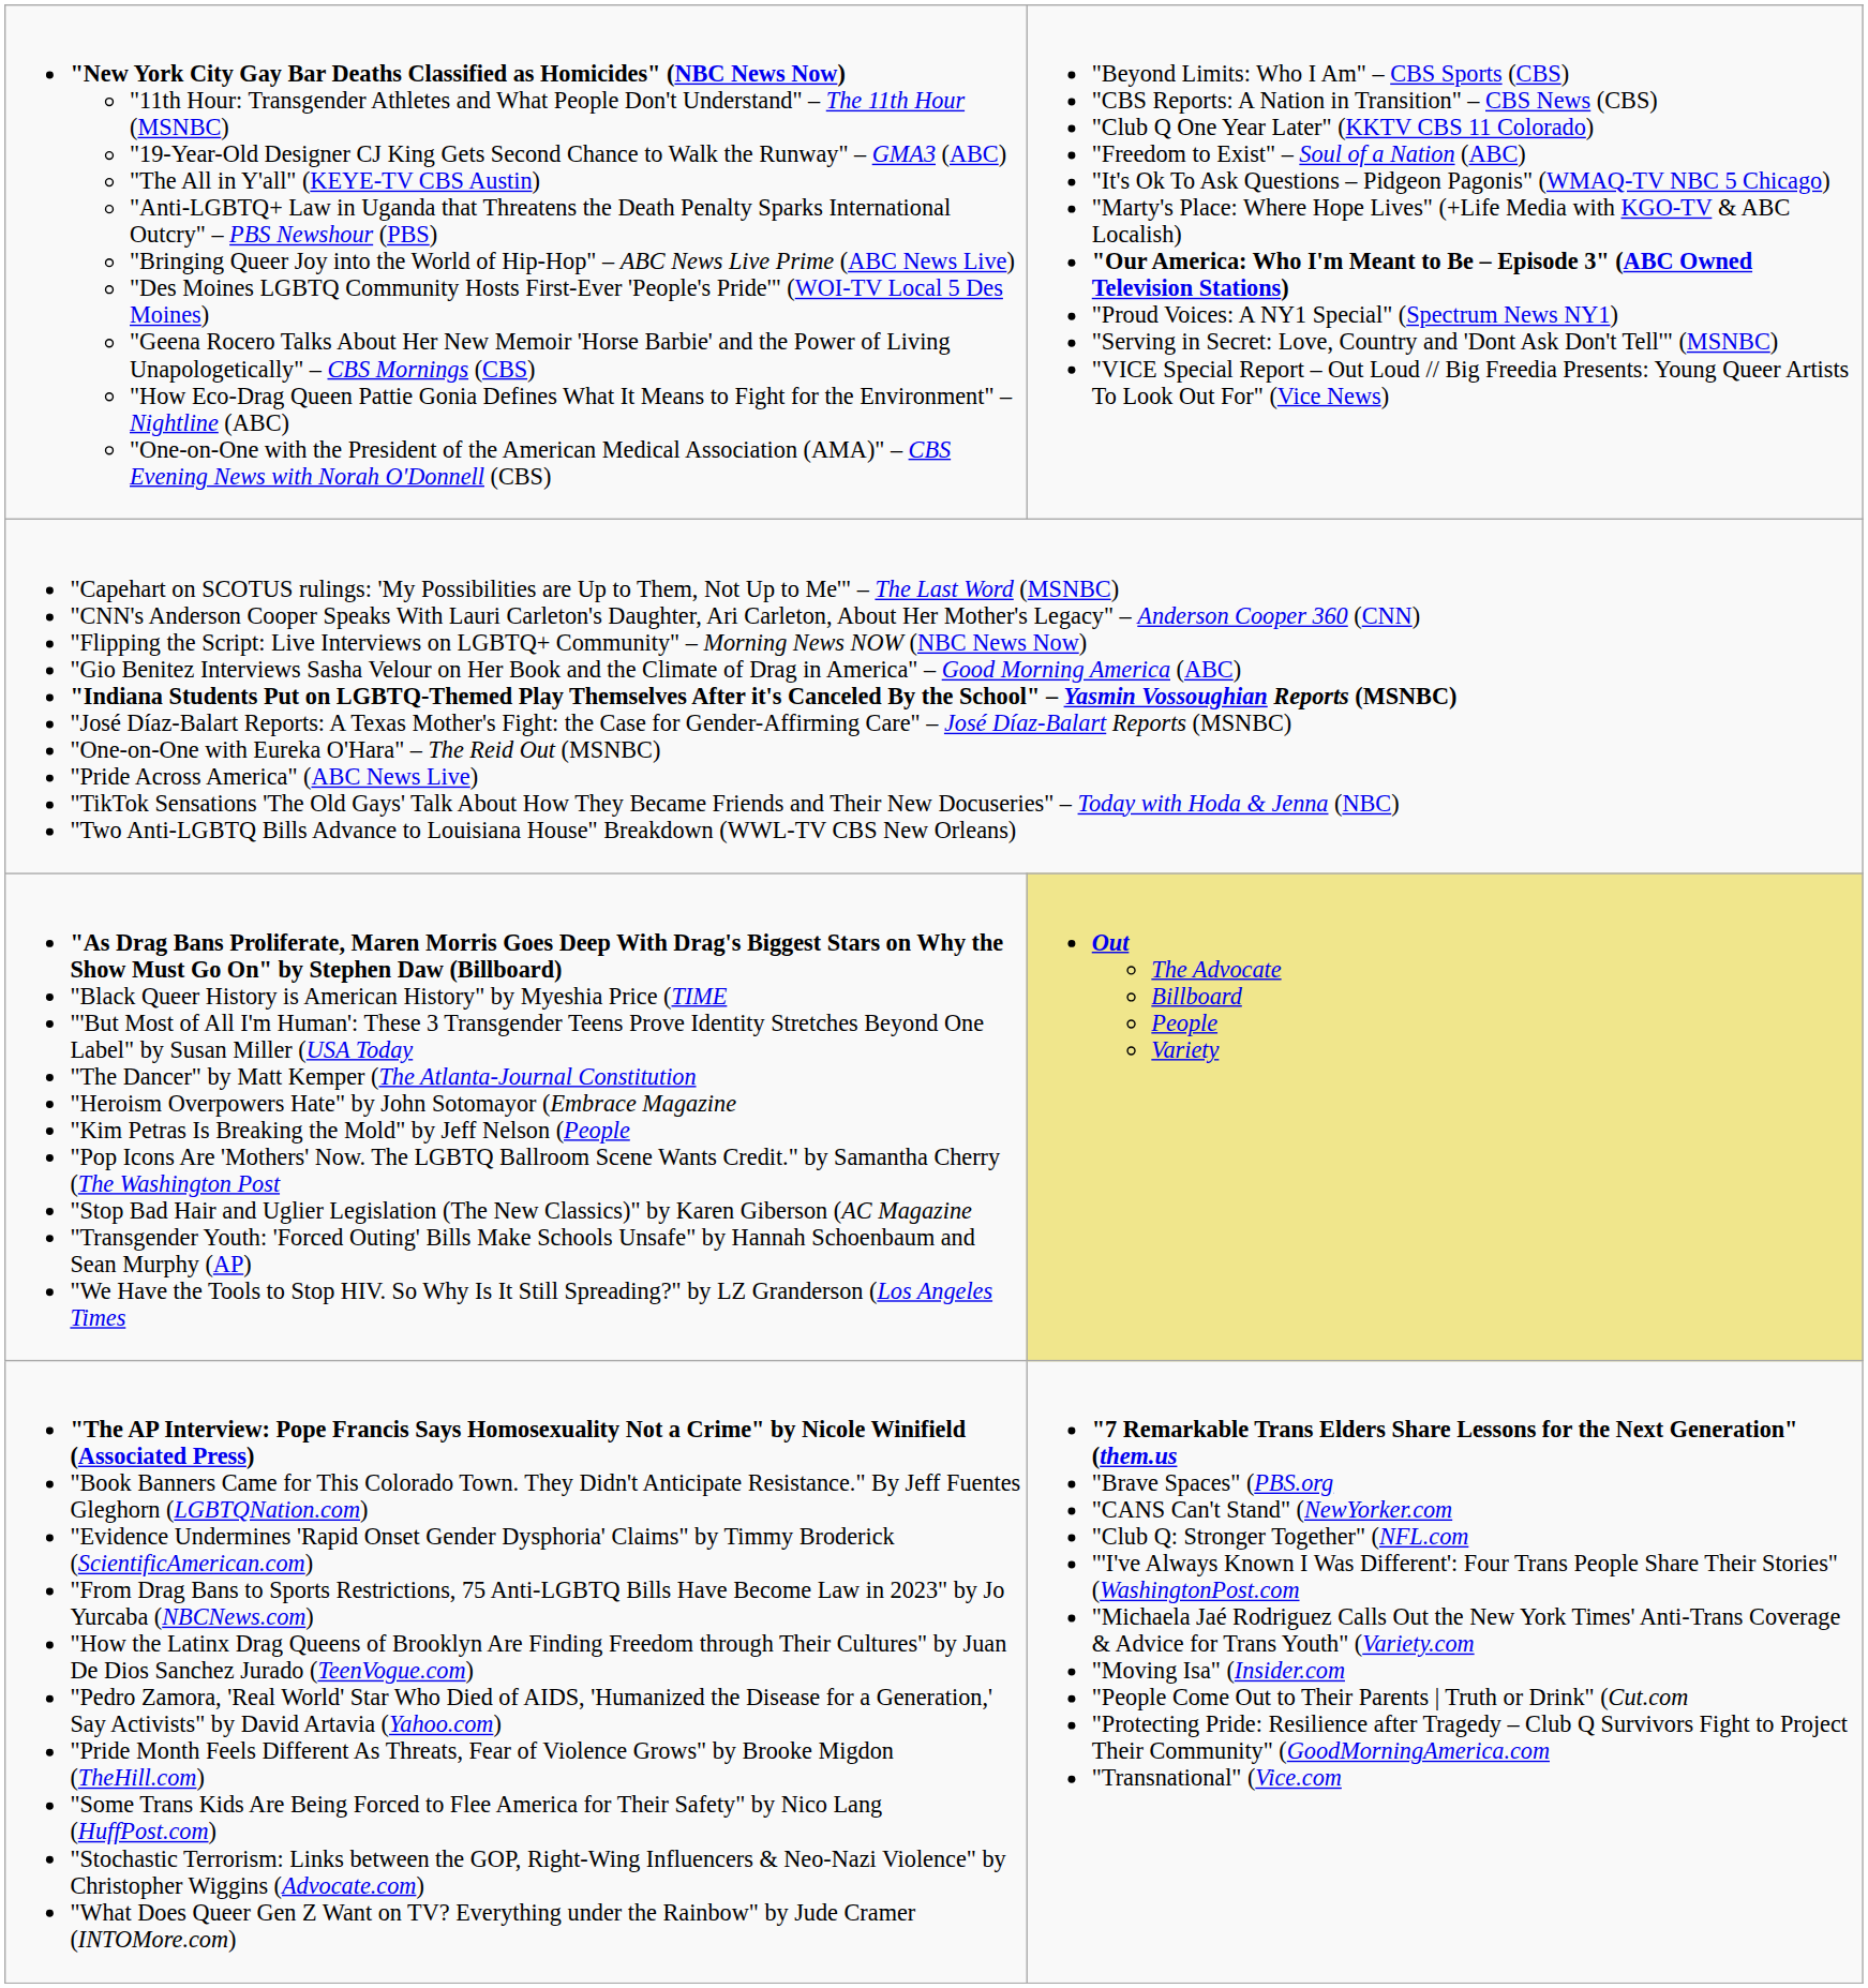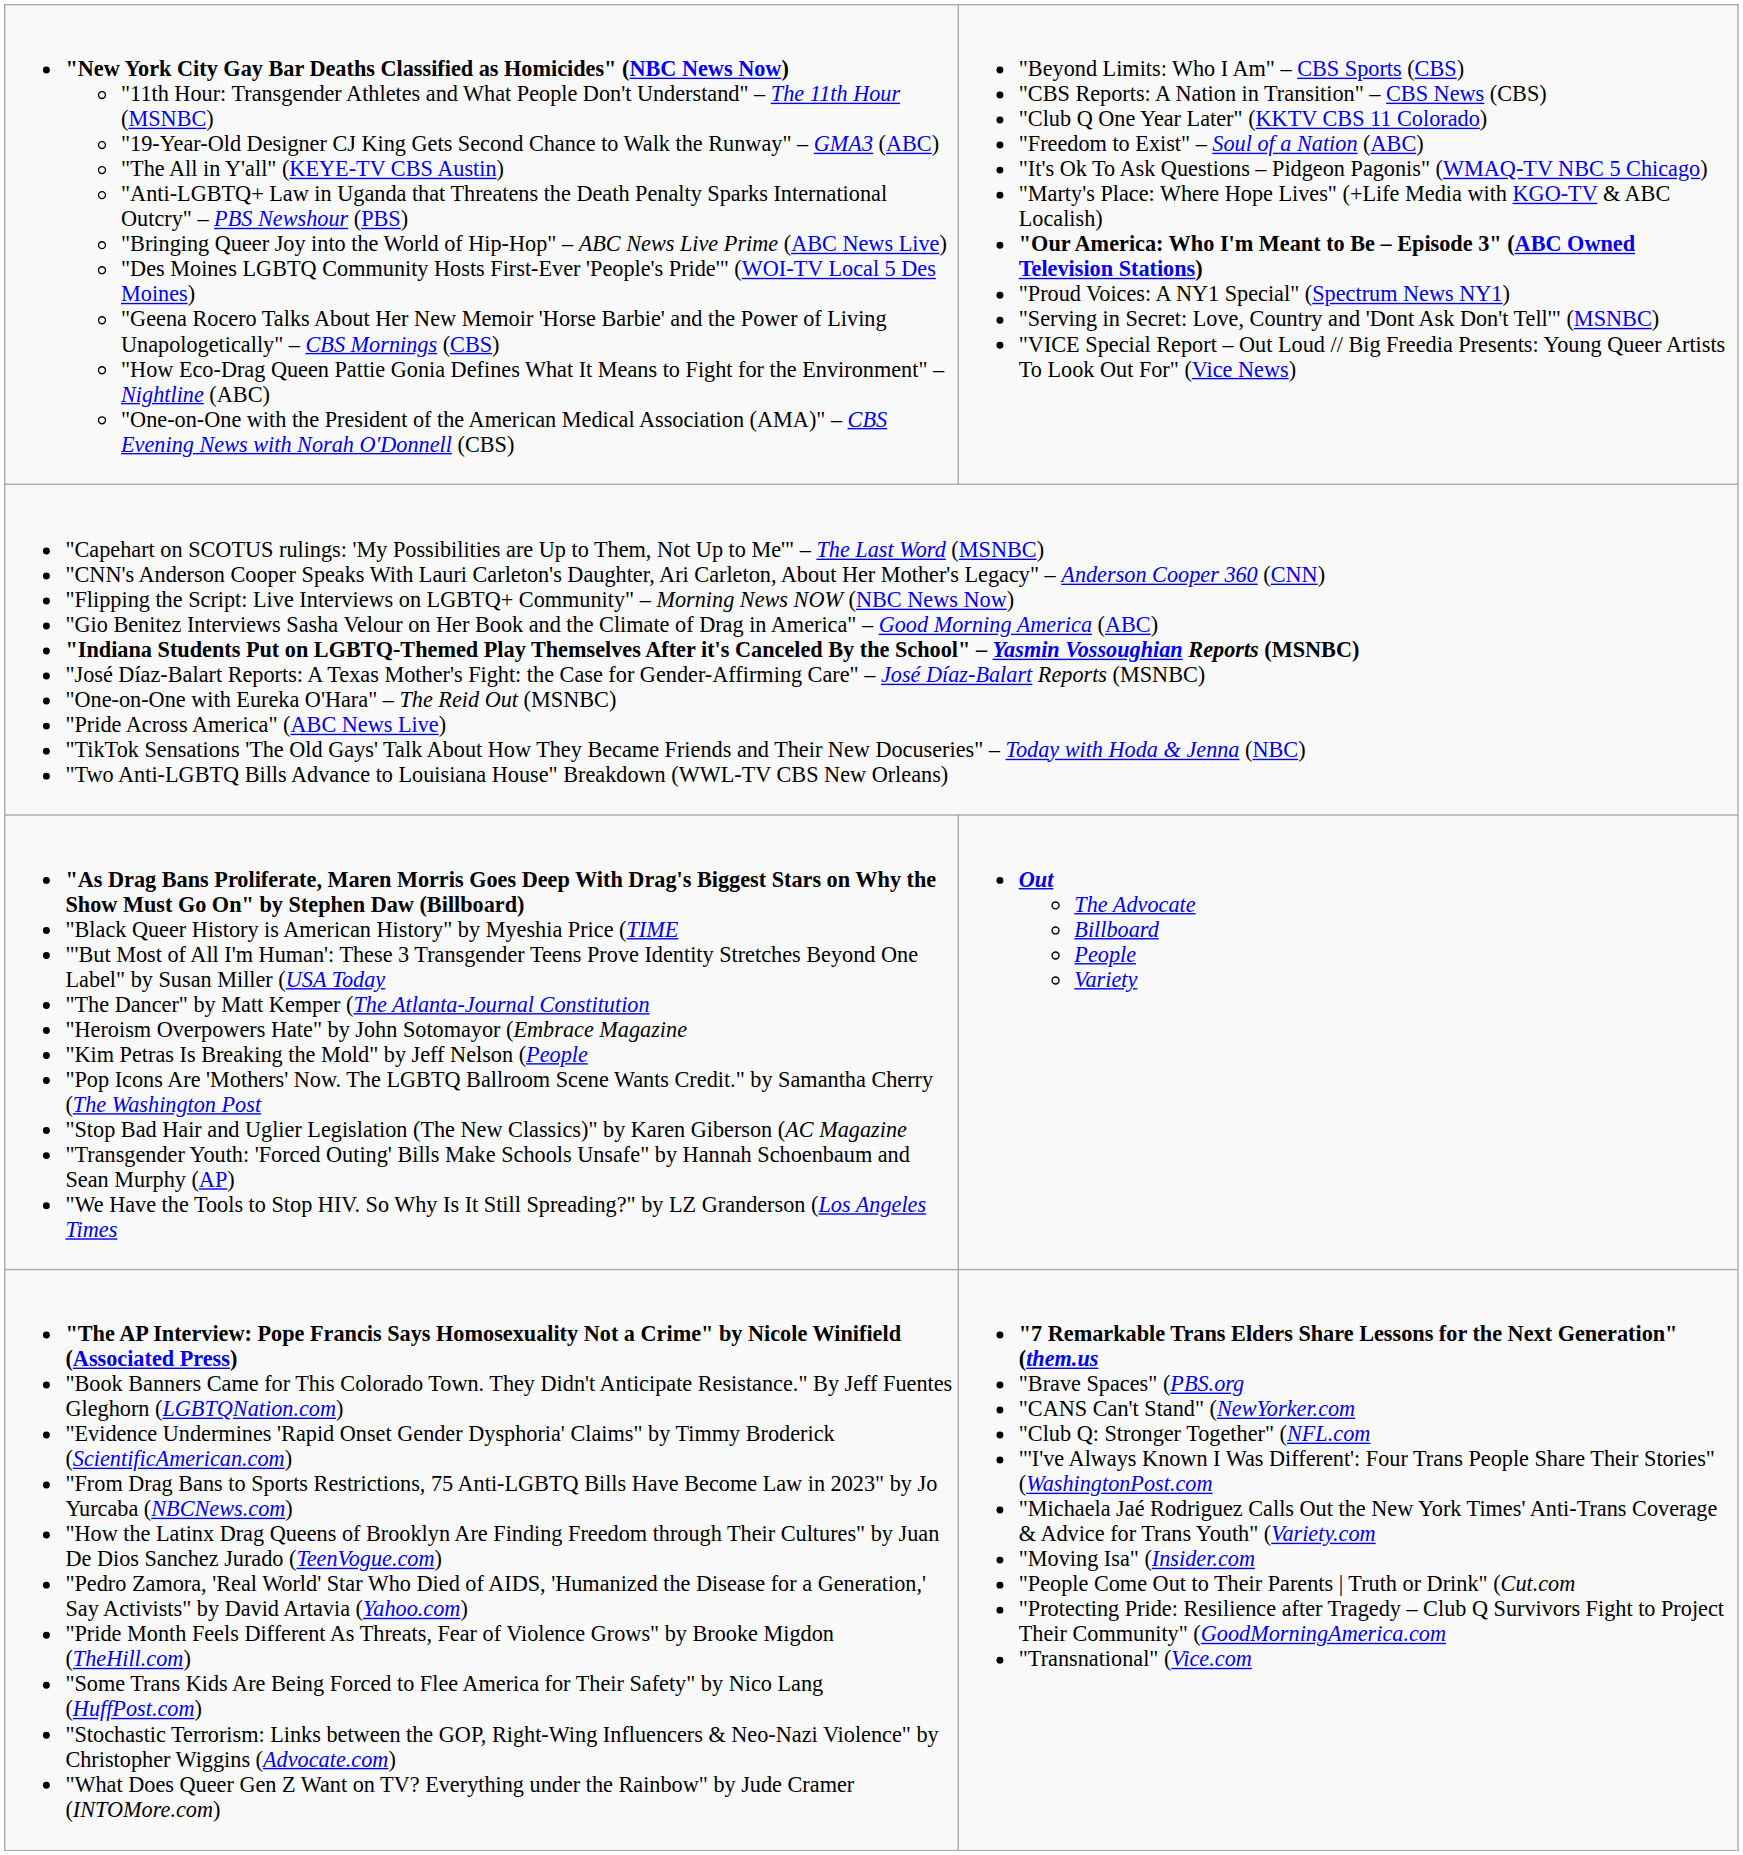 <table class=wikitable>
 <tr>
 <td style="vertical-align:top; width:55%;"><br><ul><li><strong>"New York City Gay Bar Deaths Classified as Homicides" (<a href='#'>NBC News Now</a>)</strong><ul><li>"11th Hour: Transgender Athletes and What People Don't Understand" – <em><a href='#'>The 11th Hour</a></em> (<a href='#'>MSNBC</a>)</li><li>"19-Year-Old Designer CJ King Gets Second Chance to Walk the Runway" – <em><a href='#'>GMA3</a></em> (<a href='#'>ABC</a>)</li><li>"The All in Y'all" (<a href='#'>KEYE-TV CBS Austin</a>)</li><li>"Anti-LGBTQ+ Law in Uganda that Threatens the Death Penalty Sparks International Outcry" – <em><a href='#'>PBS Newshour</a></em> (<a href='#'>PBS</a>)</li><li>"Bringing Queer Joy into the World of Hip-Hop" – <em>ABC News Live Prime</em> (<a href='#'>ABC News Live</a>)</li><li>"Des Moines LGBTQ Community Hosts First-Ever 'People's Pride'" (<a href='#'>WOI-TV Local 5 Des Moines</a>)</li><li>"Geena Rocero Talks About Her New Memoir 'Horse Barbie' and the Power of Living Unapologetically" – <em><a href='#'>CBS Mornings</a></em> (<a href='#'>CBS</a>)</li><li>"How Eco-Drag Queen Pattie Gonia Defines What It Means to Fight for the Environment" – <em><a href='#'>Nightline</a></em> (ABC)</li><li>"One-on-One with the President of the American Medical Association (AMA)" – <em><a href='#'>CBS Evening News with Norah O'Donnell</a></em> (CBS)</li></ul></li></ul></td>
 <td style="vertical-align:top; width:45%;"><br><ul><li>"Beyond Limits: Who I Am" – <a href='#'>CBS Sports</a> (<a href='#'>CBS</a>)</li><li>"CBS Reports: A Nation in Transition" – <a href='#'>CBS News</a> (CBS)</li><li>"Club Q One Year Later" (<a href='#'>KKTV CBS 11 Colorado</a>)</li><li>"Freedom to Exist" – <em><a href='#'>Soul of a Nation</a></em> (<a href='#'>ABC</a>)</li><li>"It's Ok To Ask Questions – Pidgeon Pagonis" (<a href='#'>WMAQ-TV NBC 5 Chicago</a>)</li><li>"Marty's Place: Where Hope Lives" (+Life Media with <a href='#'>KGO-TV</a> & ABC Localish)</li><li><strong>"Our America: Who I'm Meant to Be – Episode 3" (<a href='#'>ABC Owned Television Stations</a>)</strong></li><li>"Proud Voices: A NY1 Special" (<a href='#'>Spectrum News NY1</a>)</li><li>"Serving in Secret: Love, Country and 'Dont Ask Don't Tell'" (<a href='#'>MSNBC</a>)</li><li>"VICE Special Report – Out Loud // Big Freedia Presents: Young Queer Artists To Look Out For" (<a href='#'>Vice News</a>)</li></ul></td>
 </tr>
 <tr>
 <td style="vertical-align:top; width:100%;" colspan="2"><br><ul><li>"Capehart on SCOTUS rulings: 'My Possibilities are Up to Them, Not Up to Me'" – <em><a href='#'>The Last Word</a></em> (<a href='#'>MSNBC</a>)</li><li>"CNN's Anderson Cooper Speaks With Lauri Carleton's Daughter, Ari Carleton, About Her Mother's Legacy" – <em><a href='#'>Anderson Cooper 360</a></em> (<a href='#'>CNN</a>)</li><li>"Flipping the Script: Live Interviews on LGBTQ+ Community" – <em>Morning News NOW</em> (<a href='#'>NBC News Now</a>)</li><li>"Gio Benitez Interviews Sasha Velour on Her Book and the Climate of Drag in America" – <em><a href='#'>Good Morning America</a></em> (<a href='#'>ABC</a>)</li><li><strong>"Indiana Students Put on LGBTQ-Themed Play Themselves After it's Canceled By the School" – <em><a href='#'>Yasmin Vossoughian</a> Reports</em> (MSNBC)</strong></li><li>"José Díaz-Balart Reports: A Texas Mother's Fight: the Case for Gender-Affirming Care" – <em><a href='#'>José Díaz-Balart</a> Reports</em> (MSNBC)</li><li>"One-on-One with Eureka O'Hara" – <em>The Reid Out</em> (MSNBC)</li><li>"Pride Across America" (<a href='#'>ABC News Live</a>)</li><li>"TikTok Sensations 'The Old Gays' Talk About How They Became Friends and Their New Docuseries" – <em><a href='#'>Today with Hoda & Jenna</a></em> (<a href='#'>NBC</a>)</li><li>"Two Anti-LGBTQ Bills Advance to Louisiana House" Breakdown (WWL-TV CBS New Orleans)</li></ul></td>
 </tr>
 <tr>
 <td style="vertical-align:top; width:50%;"><br><ul><li><strong>"As Drag Bans Proliferate, Maren Morris Goes Deep With Drag's Biggest Stars on Why the Show Must Go On" by Stephen Daw (Billboard)</strong></li><li>"Black Queer History is American History" by Myeshia Price (<em><a href='#'>TIME</a></em></li><li>"'But Most of All I'm Human': These 3 Transgender Teens Prove Identity Stretches Beyond One Label" by Susan Miller (<em><a href='#'>USA Today</a></em></li><li>"The Dancer" by Matt Kemper (<em><a href='#'>The Atlanta-Journal Constitution</a></em></li><li>"Heroism Overpowers Hate" by John Sotomayor (<em>Embrace Magazine</em></li><li>"Kim Petras Is Breaking the Mold" by Jeff Nelson (<em><a href='#'>People</a></em></li><li>"Pop Icons Are 'Mothers' Now. The LGBTQ Ballroom Scene Wants Credit." by Samantha Cherry (<em><a href='#'>The Washington Post</a></em></li><li>"Stop Bad Hair and Uglier Legislation (The New Classics)" by Karen Giberson (<em>AC Magazine</em></li><li>"Transgender Youth: 'Forced Outing' Bills Make Schools Unsafe" by Hannah Schoenbaum and Sean Murphy (<a href='#'>AP</a>)</li><li>"We Have the Tools to Stop HIV. So Why Is It Still Spreading?" by LZ Granderson (<em><a href='#'>Los Angeles Times</a></em></li></ul></td>
-<td style="background: khaki; vertical-align:top; width:50%;"><br><ul><li><strong><em><a href='#'>Out</a></em></strong><ul><li><em><a href='#'>The Advocate</a></em></li><li><em><a href='#'>Billboard</a></em></li><li><em><a href='#'>People</a></em></li><li><em><a href='#'>Variety</a></em></li></ul></li></ul></td>
+<td style="vertical-align:top; width:50%;"><br><ul><li><strong><em><a href='#'>Out</a></em></strong><ul><li><em><a href='#'>The Advocate</a></em></li><li><em><a href='#'>Billboard</a></em></li><li><em><a href='#'>People</a></em></li><li><em><a href='#'>Variety</a></em></li></ul></li></ul></td>
 </tr>
 <tr>
 <td style="vertical-align:top; width:50%;"><br><ul><li><strong>"The AP Interview: Pope Francis Says Homosexuality Not a Crime" by Nicole Winifield (<a href='#'>Associated Press</a>)</strong></li><li>"Book Banners Came for This Colorado Town. They Didn't Anticipate Resistance." By Jeff Fuentes Gleghorn (<em><a href='#'>LGBTQNation.com</a></em>)</li><li>"Evidence Undermines 'Rapid Onset Gender Dysphoria' Claims" by Timmy Broderick (<em><a href='#'>ScientificAmerican.com</a></em>)</li><li>"From Drag Bans to Sports Restrictions, 75 Anti-LGBTQ Bills Have Become Law in 2023" by Jo Yurcaba (<em><a href='#'>NBCNews.com</a></em>)</li><li>"How the Latinx Drag Queens of Brooklyn Are Finding Freedom through Their Cultures" by Juan De Dios Sanchez Jurado (<em><a href='#'>TeenVogue.com</a></em>)</li><li>"Pedro Zamora, 'Real World' Star Who Died of AIDS, 'Humanized the Disease for a Generation,' Say Activists" by David Artavia (<em><a href='#'>Yahoo.com</a></em>)</li><li>"Pride Month Feels Different As Threats, Fear of Violence Grows" by Brooke Migdon (<em><a href='#'>TheHill.com</a></em>)</li><li>"Some Trans Kids Are Being Forced to Flee America for Their Safety" by Nico Lang (<em><a href='#'>HuffPost.com</a></em>)</li><li>"Stochastic Terrorism: Links between the GOP, Right-Wing Influencers & Neo-Nazi Violence" by Christopher Wiggins (<em><a href='#'>Advocate.com</a></em>)</li><li>"What Does Queer Gen Z Want on TV? Everything under the Rainbow" by Jude Cramer (<em>INTOMore.com</em>)</li></ul></td>
 <td style="vertical-align:top; width:50%;"><br><ul><li><strong>"7 Remarkable Trans Elders Share Lessons for the Next Generation" (<em><a href='#'>them.us</a></em></strong></li><li>"Brave Spaces" (<em><a href='#'>PBS.org</a></em></li><li>"CANS Can't Stand" (<em><a href='#'>NewYorker.com</a></em></li><li>"Club Q: Stronger Together" (<em><a href='#'>NFL.com</a></em></li><li>"'I've Always Known I Was Different': Four Trans People Share Their Stories" (<em><a href='#'>WashingtonPost.com</a></em></li><li>"Michaela Jaé Rodriguez Calls Out the New York Times' Anti-Trans Coverage & Advice for Trans Youth" (<em><a href='#'>Variety.com</a></em></li><li>"Moving Isa" (<em><a href='#'>Insider.com</a></em></li><li>"People Come Out to Their Parents | Truth or Drink" (<em>Cut.com</em></li><li>"Protecting Pride: Resilience after Tragedy – Club Q Survivors Fight to Project Their Community" (<em><a href='#'>GoodMorningAmerica.com</a></em></li><li>"Transnational" (<em><a href='#'>Vice.com</a></em></li></ul></td>
 </tr>
 </table>
